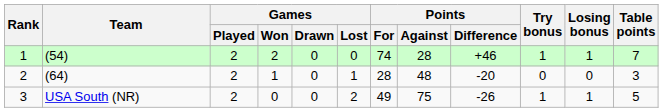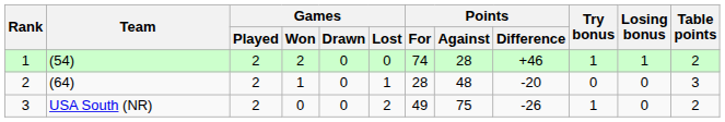 <table class="wikitable"  style="text-align: center;">
 <tr>
 <th rowspan="2" width="20">Rank</th>
 <th rowspan="2" width="200">Team</th>
 <th colspan="4">Games</th>
 <th colspan="3">Points</th>
 <th rowspan="2" width="20">Try bonus</th>
 <th rowspan="2" width="20">Losing bonus</th>
 <th rowspan="2" width="20">Table points</th>
 </tr>
 <tr>
 <th width="20">Played</th>
 <th width="20">Won</th>
 <th width="20">Drawn</th>
 <th width="20">Lost</th>
 <th width="20">For</th>
 <th width="20">Against</th>
 <th width="20">Difference</th>
 </tr>
 <tr bgcolor="#ccffcc">
 <td>1</td>
 <td align=left> (54)</td>
 <td>2</td>
 <td>2</td>
 <td>0</td>
 <td>0</td>
 <td>74</td>
 <td>28</td>
 <td>+46</td>
 <td>1</td>
 <td>1</td>
-<td>7</td>
+<td>2</td>
 </tr>
 <tr>
 <td>2</td>
 <td align=left> (64)</td>
 <td>2</td>
 <td>1</td>
 <td>0</td>
 <td>1</td>
 <td>28</td>
 <td>48</td>
 <td>-20</td>
 <td>0</td>
 <td>0</td>
 <td>3</td>
 </tr>
 <tr>
 <td>3</td>
 <td align=left> <a href='#'>USA South</a>  (NR)</td>
 <td>2</td>
 <td>0</td>
 <td>0</td>
 <td>2</td>
 <td>49</td>
 <td>75</td>
 <td>-26</td>
 <td>1</td>
-<td>1</td>
-<td>5</td>
+<td>0</td>
+<td>2</td>
 </tr>
 </table>
